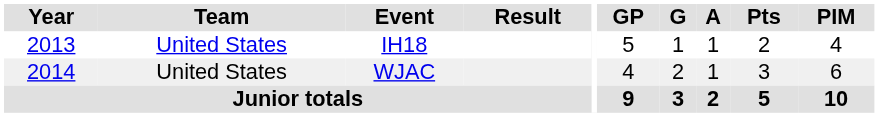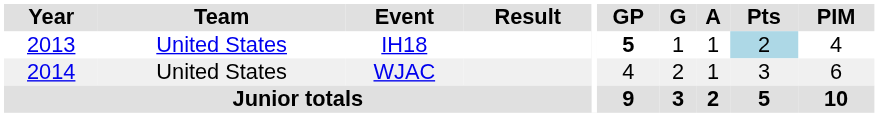 <table border="0" cellpadding="1" cellspacing="0" ID="Table3" style="text-align:center; width:40em">
 <tr style="background:#e0e0e0;">
 <th>Year</th>
 <th>Team</th>
 <th>Event</th>
 <th>Result</th>
 <th rowspan="99" style="background:#fff;"></th>
 <th>GP</th>
 <th>G</th>
 <th>A</th>
 <th>Pts</th>
 <th>PIM</th>
 </tr>
 <tr>
 <td><a href='#'>2013</a></td>
 <td><a href='#'>United States</a></td>
 <td><a href='#'>IH18</a></td>
 <td></td>
-<td>5</td>
+<td><strong>5</strong></td>
 <td>1</td>
 <td>1</td>
-<td>2</td>
+<td style="background: lightblue;">2</td>
 <td>4</td>
 </tr>
 <tr style="background:#f0f0f0;">
 <td><a href='#'>2014</a></td>
 <td>United States</td>
 <td><a href='#'>WJAC</a></td>
 <td></td>
 <td>4</td>
 <td>2</td>
 <td>1</td>
 <td>3</td>
 <td>6</td>
 </tr>
 <tr style="background:#e0e0e0;">
 <th colspan="4">Junior totals</th>
 <th>9</th>
 <th>3</th>
 <th>2</th>
 <th>5</th>
 <th>10</th>
 </tr>
 </table>
